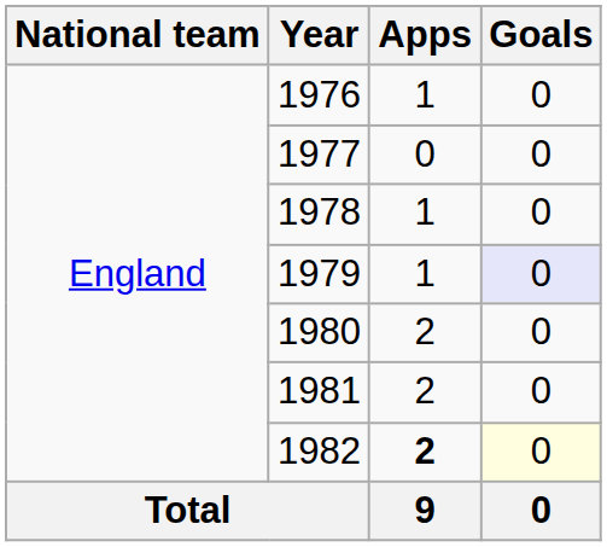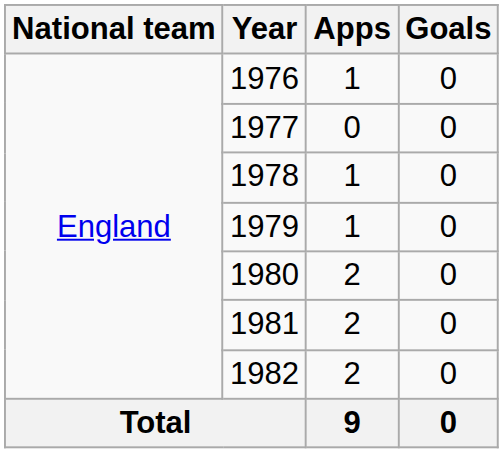 <table class="wikitable" style="text-align:center">
 <tr>
 <th>National team</th>
 <th>Year</th>
 <th>Apps</th>
 <th>Goals</th>
 </tr>
 <tr>
 <td rowspan="7"><a href='#'>England</a></td>
 <td>1976</td>
 <td>1</td>
 <td>0</td>
 </tr>
 <tr>
 <td>1977</td>
 <td>0</td>
 <td>0</td>
 </tr>
 <tr>
 <td>1978</td>
 <td>1</td>
 <td>0</td>
 </tr>
 <tr>
 <td>1979</td>
 <td>1</td>
-<td style="background: lavender;">0</td>
+<td>0</td>
 </tr>
 <tr>
 <td>1980</td>
 <td>2</td>
 <td>0</td>
 </tr>
 <tr>
 <td>1981</td>
 <td>2</td>
 <td>0</td>
 </tr>
 <tr>
 <td>1982</td>
-<td><strong>2</strong></td>
-<td style="background: lightyellow;">0</td>
+<td>2</td>
+<td>0</td>
 </tr>
 <tr>
 <th colspan="2">Total</th>
 <th>9</th>
 <th>0</th>
 </tr>
 </table>
